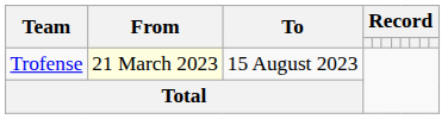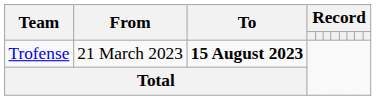 <table class="wikitable" style="text-align:center">
 <tr>
 <th rowspan="2">Team</th>
 <th rowspan="2">From</th>
 <th rowspan="2">To</th>
 <th colspan="9">Record</th>
 </tr>
 <tr>
 <th></th>
 <th></th>
 <th></th>
 <th></th>
 <th></th>
 <th></th>
 <th></th>
 <th></th>
 </tr>
 <tr>
 <td><a href='#'>Trofense</a></td>
-<td style="background: lightyellow;">21 March 2023</td>
-<td>15 August 2023<br></td>
+<td>21 March 2023</td>
+<td><strong>15 August 2023<br></strong></td>
 </tr>
 <tr>
 <th colspan="3">Total<br></th>
 </tr>
 </table>
